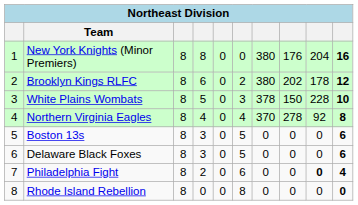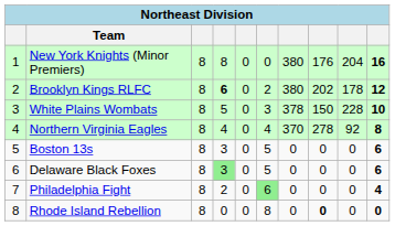 <table class="wikitable" style="text-align:center;">
 <tr>
 <td style="background:lightblue; text-align:center;" colspan="10"><strong><span>Northeast Division</span></strong></td>
 </tr>
 <tr>
 <th style="width:20px;"></th>
 <th style="width:200px;">Team</th>
 <th style="width:20px;"></th>
 <th style="width:20px;"></th>
 <th style="width:20px;"></th>
 <th style="width:20px;"></th>
 <th style="width:30px;"></th>
 <th style="width:30px;"></th>
 <th style="width:30px;"></th>
 <th style="width:20px;"></th>
 </tr>
 <tr style="background:#cfc;">
 <td>1</td>
 <td style="text-align:left;"><a href='#'>New York Knights</a> (Minor Premiers)</td>
 <td>8</td>
 <td>8</td>
 <td>0</td>
 <td>0</td>
 <td>380</td>
 <td>176</td>
 <td>204</td>
 <td><strong>16</strong></td>
 </tr>
 <tr style="background:#cfc;">
 <td>2</td>
 <td style="text-align:left;"><a href='#'>Brooklyn Kings RLFC</a></td>
 <td>8</td>
-<td>6</td>
+<td><strong>6</strong></td>
 <td>0</td>
 <td>2</td>
 <td>380</td>
 <td>202</td>
 <td>178</td>
 <td><strong>12</strong></td>
 </tr>
 <tr style="background:#cfc;">
 <td>3</td>
 <td style="text-align:left;"><a href='#'>White Plains Wombats</a></td>
 <td>8</td>
 <td>5</td>
 <td>0</td>
 <td>3</td>
 <td>378</td>
 <td>150</td>
 <td>228</td>
 <td><strong>10</strong></td>
 </tr>
 <tr style="background:#cfc;">
 <td>4</td>
 <td style="text-align:left;"><a href='#'>Northern Virginia Eagles</a></td>
 <td>8</td>
 <td>4</td>
 <td>0</td>
 <td>4</td>
 <td>370</td>
 <td>278</td>
 <td>92</td>
 <td><strong>8</strong></td>
 </tr>
 <tr>
 <td>5</td>
 <td style="text-align:left;"><a href='#'>Boston 13s</a></td>
 <td>8</td>
 <td>3</td>
 <td>0</td>
 <td>5</td>
 <td>0</td>
 <td>0</td>
 <td>0</td>
 <td><strong>6</strong></td>
 </tr>
 <tr>
 <td>6</td>
 <td style="text-align:left;">Delaware Black Foxes</td>
 <td>8</td>
-<td>3</td>
+<td style="background: lightgreen;">3</td>
 <td>0</td>
 <td>5</td>
 <td>0</td>
 <td>0</td>
 <td>0</td>
 <td><strong>6</strong></td>
 </tr>
 <tr>
 <td>7</td>
 <td style="text-align:left;"><a href='#'>Philadelphia Fight</a></td>
 <td>8</td>
 <td>2</td>
 <td>0</td>
-<td>6</td>
+<td style="background: lightgreen;">6</td>
 <td>0</td>
 <td>0</td>
-<td><strong>0</strong></td>
+<td>0</td>
 <td><strong>4</strong></td>
 </tr>
 <tr>
 <td>8</td>
 <td style="text-align:left;"><a href='#'>Rhode Island Rebellion</a></td>
 <td>8</td>
 <td>0</td>
 <td>0</td>
 <td>8</td>
 <td>0</td>
-<td>0</td>
+<td><strong>0</strong></td>
 <td>0</td>
 <td><strong>0</strong></td>
 </tr>
 </table>
